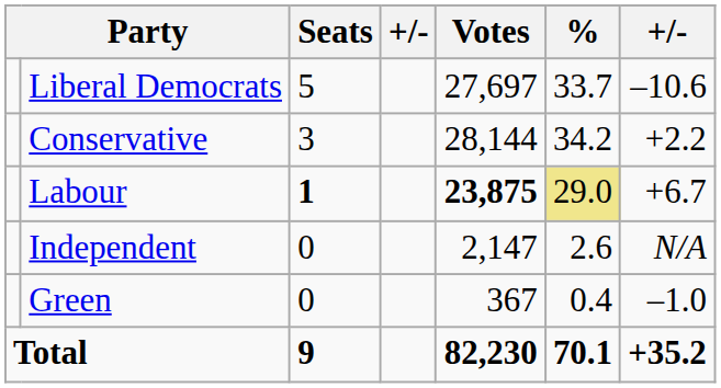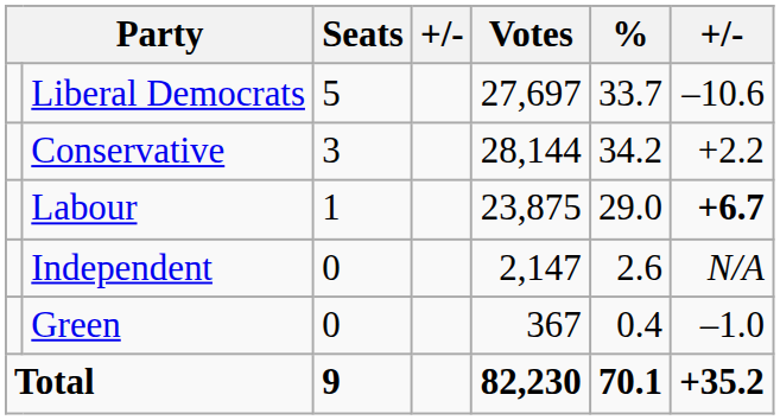 <table class="wikitable sortable">
 <tr>
 <th colspan="2">Party</th>
 <th>Seats</th>
 <th>+/-</th>
 <th>Votes</th>
 <th>%</th>
 <th>+/-</th>
 </tr>
 <tr>
 <td style="background-color: "></td>
 <td><a href='#'>Liberal Democrats</a></td>
 <td>5</td>
 <td></td>
 <td style="text-align:right;">27,697</td>
 <td style="text-align:right;">33.7</td>
 <td style="text-align:right;">–10.6</td>
 </tr>
 <tr>
 <td style="background-color: "></td>
 <td><a href='#'>Conservative</a></td>
 <td>3</td>
 <td></td>
 <td style="text-align:right;">28,144</td>
 <td style="text-align:right;">34.2</td>
 <td style="text-align:right;">+2.2</td>
 </tr>
 <tr>
 <td style="background-color: "></td>
 <td><a href='#'>Labour</a></td>
-<td><strong>1</strong></td>
+<td>1</td>
 <td></td>
-<td style="text-align:right;"><strong>23,875</strong></td>
-<td style="background: khaki; text-align:right;">29.0</td>
-<td style="text-align:right;">+6.7</td>
+<td style="text-align:right;">23,875</td>
+<td style="text-align:right;">29.0</td>
+<td style="text-align:right;"><strong>+6.7</strong></td>
 </tr>
 <tr>
 <td style="background-color: "></td>
 <td><a href='#'>Independent</a></td>
 <td>0</td>
 <td></td>
 <td style="text-align:right;">2,147</td>
 <td style="text-align:right;">2.6</td>
 <td style="text-align:right;"><em>N/A</em></td>
 </tr>
 <tr>
 <td style="background-color: "></td>
 <td><a href='#'>Green</a></td>
 <td>0</td>
 <td></td>
 <td style="text-align:right;">367</td>
 <td style="text-align:right;">0.4</td>
 <td style="text-align:right;">–1.0</td>
 </tr>
 <tr>
 <td colspan="2"><strong>Total</strong></td>
 <td><strong>9</strong></td>
 <td></td>
 <td style="text-align:right;"><strong>82,230</strong></td>
 <td style="text-align:right;"><strong>70.1</strong></td>
 <td style="text-align:right;"><strong>+35.2</strong></td>
 </tr>
 </table>
